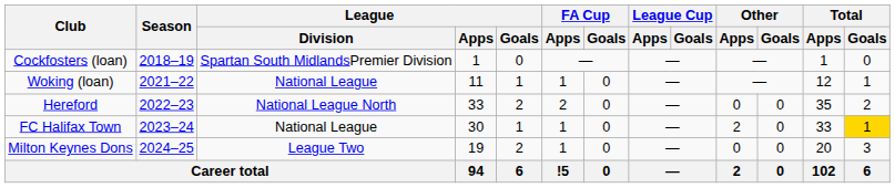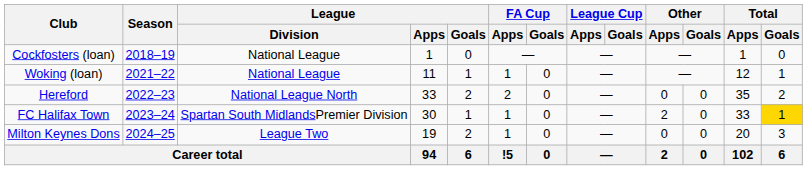 <table class="wikitable" style="text-align: center">
 <tr>
 <th rowspan="2">Club</th>
 <th rowspan="2">Season</th>
 <th colspan="3">League</th>
 <th colspan="2"><a href='#'>FA Cup</a></th>
 <th colspan="2"><a href='#'>League Cup</a></th>
 <th colspan="2">Other</th>
 <th colspan="2">Total</th>
 </tr>
 <tr>
 <th>Division</th>
 <th>Apps</th>
 <th>Goals</th>
 <th>Apps</th>
 <th>Goals</th>
 <th>Apps</th>
 <th>Goals</th>
 <th>Apps</th>
 <th>Goals</th>
 <th>Apps</th>
 <th>Goals</th>
 </tr>
 <tr>
 <td><a href='#'>Cockfosters</a> (loan)</td>
 <td><a href='#'>2018–19</a></td>
-<td><a href='#'>Spartan South Midlands</a>Premier Division</td>
+<td>National League</td>
 <td>1</td>
 <td>0</td>
 <td colspan="2">—</td>
 <td colspan="2">—</td>
 <td colspan="2">—</td>
 <td>1</td>
 <td>0</td>
 </tr>
 <tr>
 <td><a href='#'>Woking</a> (loan)</td>
 <td><a href='#'>2021–22</a></td>
 <td><a href='#'>National League</a></td>
 <td>11</td>
 <td>1</td>
 <td>1</td>
 <td>0</td>
 <td colspan="2">—</td>
 <td colspan="2">—</td>
 <td>12</td>
 <td>1</td>
 </tr>
 <tr>
 <td><a href='#'>Hereford</a></td>
 <td><a href='#'>2022–23</a></td>
 <td><a href='#'>National League North</a></td>
 <td>33</td>
 <td>2</td>
 <td>2</td>
 <td>0</td>
 <td colspan="2">—</td>
 <td>0</td>
 <td>0</td>
 <td>35</td>
 <td>2</td>
 </tr>
 <tr>
 <td><a href='#'>FC Halifax Town</a></td>
 <td><a href='#'>2023–24</a></td>
-<td>National League</td>
+<td><a href='#'>Spartan South Midlands</a>Premier Division</td>
 <td>30</td>
 <td>1</td>
 <td>1</td>
 <td>0</td>
 <td colspan="2">—</td>
 <td>2</td>
 <td>0</td>
 <td>33</td>
 <td style="background: gold;">1</td>
 </tr>
 <tr>
 <td><a href='#'>Milton Keynes Dons</a></td>
 <td><a href='#'>2024–25</a></td>
 <td><a href='#'>League Two</a></td>
 <td>19</td>
 <td>2</td>
 <td>1</td>
 <td>0</td>
 <td colspan="2">—</td>
 <td>0</td>
 <td>0</td>
 <td>20</td>
 <td>3</td>
 </tr>
 <tr>
 <th colspan="3">Career total</th>
 <th>94</th>
 <th>6</th>
 <th>!5</th>
 <th>0</th>
 <th colspan="2">—</th>
 <th>2</th>
 <th>0</th>
 <th>102</th>
 <th>6</th>
 </tr>
 </table>
